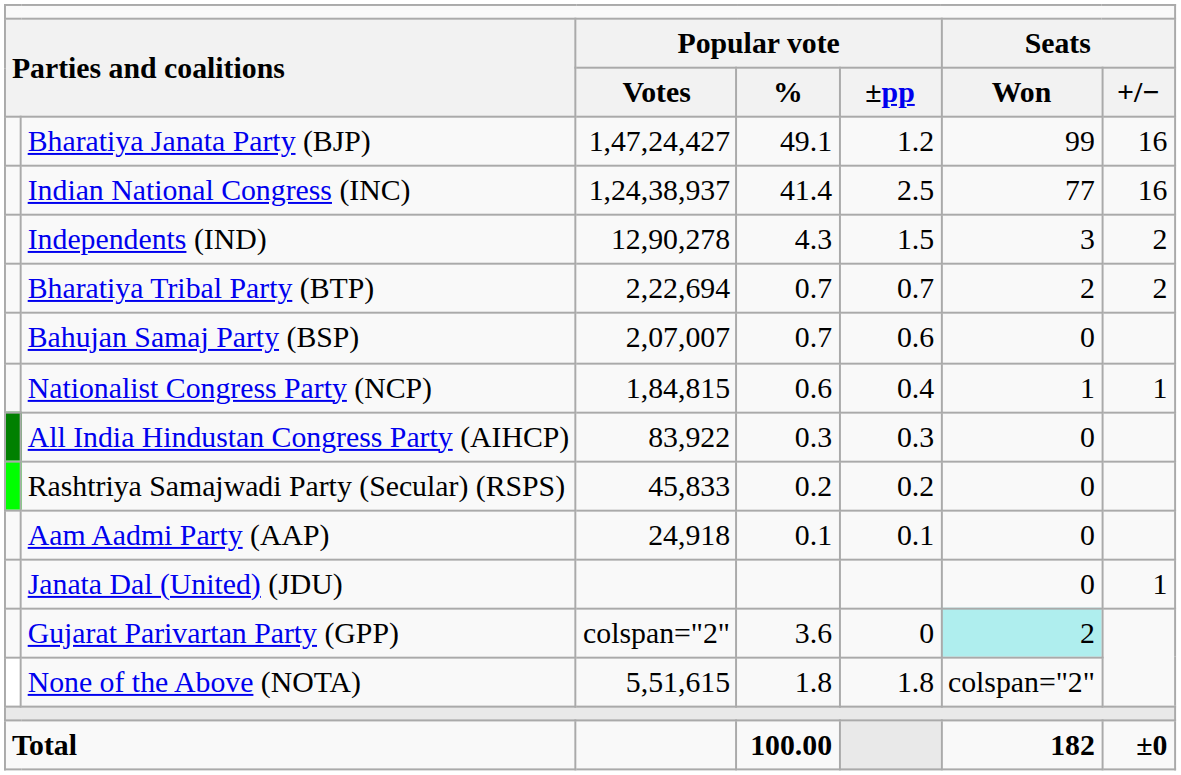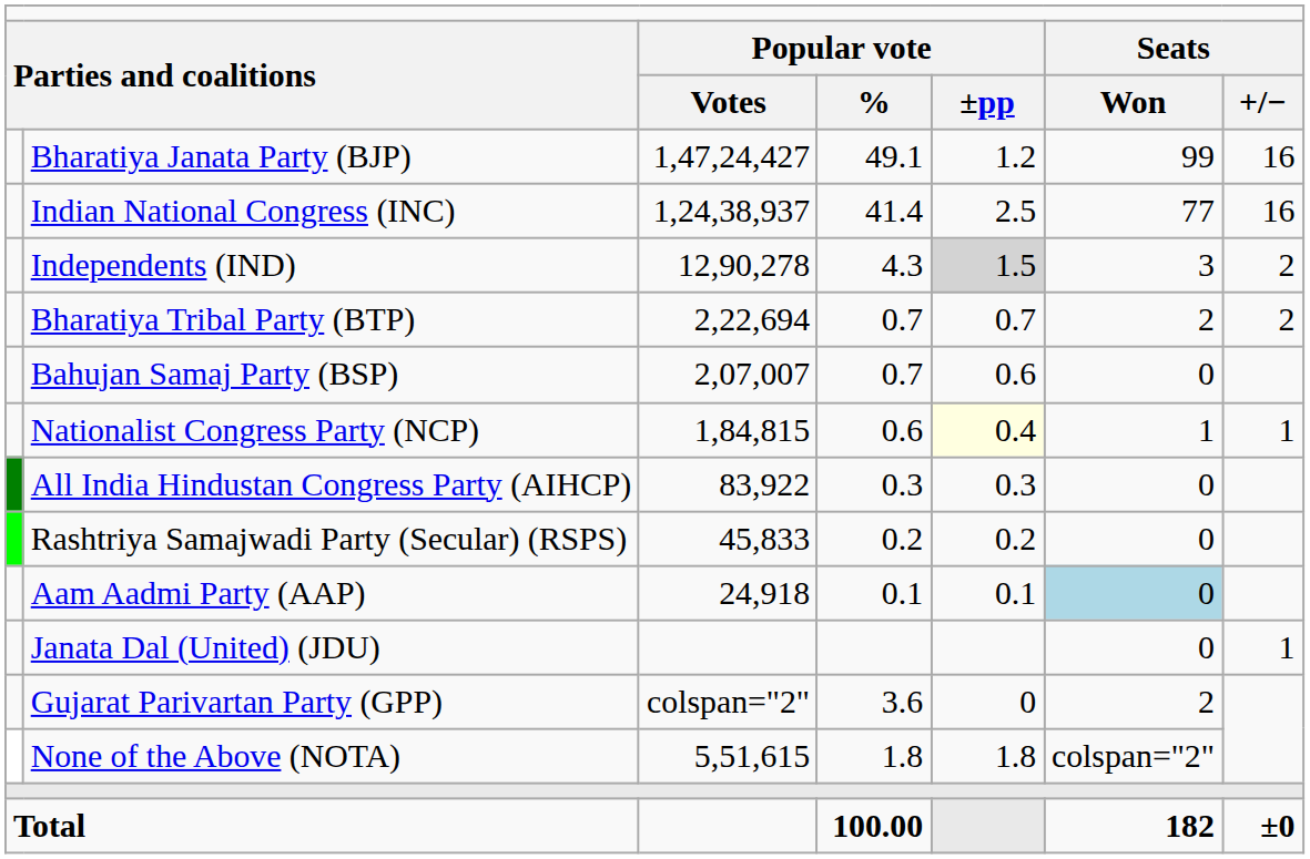 <table class="wikitable" style="text-align:right; font-size:95%;">
 <tr>
 <td colspan="7"></td>
 </tr>
 <tr style="background:#e9e9e9; text-align:center;">
 <th style="text-align:left;" rowspan="2" colspan="2">Parties and coalitions</th>
 <th colspan="3">Popular vote</th>
 <th colspan="2">Seats</th>
 </tr>
 <tr style="background:#e9e9e9; text-align:center;">
 <th style="width:70px;">Votes</th>
 <th style="width:45px;">%</th>
 <th style="width:45px;">±<a href='#'>pp</a></th>
 <th style="width:30px;">Won</th>
 <th style="width:30px;">+/−</th>
 </tr>
 <tr>
 <td width="1" style="color:inherit;background:"></td>
 <td style="text-align:left;"><a href='#'>Bharatiya Janata Party</a> (BJP)</td>
 <td>1,47,24,427</td>
 <td>49.1</td>
 <td>1.2</td>
 <td>99</td>
 <td>16</td>
 </tr>
 <tr>
 <td style="color:inherit;background:"></td>
 <td style="text-align:left;"><a href='#'>Indian National Congress</a> (INC)</td>
 <td>1,24,38,937</td>
 <td>41.4</td>
 <td>2.5</td>
 <td>77</td>
 <td>16</td>
 </tr>
 <tr>
 <td style="color:inherit;background:"></td>
 <td style="text-align:left;"><a href='#'>Independents</a> (IND)</td>
 <td>12,90,278</td>
 <td>4.3</td>
-<td>1.5</td>
+<td style="background: lightgrey;">1.5</td>
 <td>3</td>
 <td>2</td>
 </tr>
 <tr>
 <td style="color:inherit;background:"></td>
 <td style="text-align:left;"><a href='#'>Bharatiya Tribal Party</a> (BTP)</td>
 <td>2,22,694</td>
 <td>0.7</td>
 <td>0.7</td>
 <td>2</td>
 <td>2</td>
 </tr>
 <tr>
 <td style="color:inherit;background:"></td>
 <td style="text-align:left;"><a href='#'>Bahujan Samaj Party</a> (BSP)</td>
 <td>2,07,007</td>
 <td>0.7</td>
 <td>0.6</td>
 <td>0</td>
 <td></td>
 </tr>
 <tr>
 <td style="color:inherit;background:"></td>
 <td style="text-align:left;"><a href='#'>Nationalist Congress Party</a> (NCP)</td>
 <td>1,84,815</td>
 <td>0.6</td>
-<td>0.4</td>
+<td style="background: lightyellow;">0.4</td>
 <td>1</td>
 <td>1</td>
 </tr>
 <tr>
 <td style="background:green;"></td>
 <td style="text-align:left;"><a href='#'>All India Hindustan Congress Party</a> (AIHCP)</td>
 <td>83,922</td>
 <td>0.3</td>
 <td>0.3</td>
 <td>0</td>
 <td></td>
 </tr>
 <tr>
 <td style="background:lime;"></td>
 <td style="text-align:left;">Rashtriya Samajwadi Party (Secular) (RSPS)</td>
 <td>45,833</td>
 <td>0.2</td>
 <td>0.2</td>
 <td>0</td>
 <td></td>
 </tr>
 <tr>
 <td style="color:inherit;background:"></td>
 <td style="text-align:left;"><a href='#'>Aam Aadmi Party</a> (AAP)</td>
 <td>24,918</td>
 <td>0.1</td>
 <td>0.1</td>
-<td>0</td>
+<td style="background: lightblue;">0</td>
 <td></td>
 </tr>
 <tr>
 <td style="color:inherit;background:"></td>
 <td style="text-align:left;"><a href='#'>Janata Dal (United)</a> (JDU)</td>
 <td></td>
 <td></td>
 <td></td>
 <td>0</td>
 <td>1</td>
 </tr>
 <tr>
 <td style="color:inherit;background:"></td>
 <td style="text-align:left;"><a href='#'>Gujarat Parivartan Party</a> (GPP)</td>
 <td>colspan="2" </td>
 <td>3.6</td>
 <td>0</td>
-<td style="background: paleturquoise;">2</td>
+<td>2</td>
 </tr>
 <tr>
 <td style="background:white;"></td>
 <td style="text-align:left;"><a href='#'>None of the Above</a> (NOTA)</td>
 <td>5,51,615</td>
 <td>1.8</td>
 <td>1.8</td>
 <td>colspan="2" </td>
 </tr>
 <tr>
 <td colspan="7" style="background:#e9e9e9;"></td>
 </tr>
 <tr style="font-weight:bold;">
 <td style="text-align:left;" colspan="2">Total</td>
 <td></td>
 <td>100.00</td>
 <td style="background:#e9e9e9;"></td>
 <td>182</td>
 <td>±0</td>
 </tr>
 </table>
